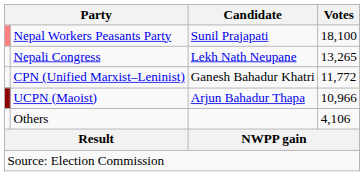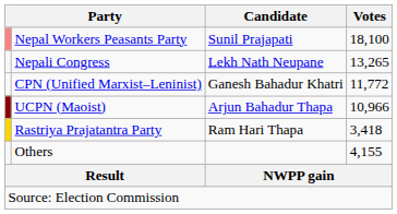 <table class="wikitable">
 <tr>
 <th colspan="2">Party</th>
 <th>Candidate</th>
 <th>Votes</th>
 </tr>
 <tr>
 <td style="background-color:#FF8080"></td>
 <td><a href='#'>Nepal Workers Peasants Party</a></td>
 <td><a href='#'>Sunil Prajapati</a></td>
 <td>18,100</td>
 </tr>
 <tr>
 <td style="background-color:"></td>
 <td><a href='#'>Nepali Congress</a></td>
 <td><a href='#'>Lekh Nath Neupane</a></td>
 <td>13,265</td>
 </tr>
 <tr>
 <td style="background-color:"></td>
 <td><a href='#'>CPN (Unified Marxist–Leninist)</a></td>
 <td>Ganesh Bahadur Khatri</td>
 <td>11,772</td>
 </tr>
 <tr>
 <td style="background-color:darkred"></td>
 <td><a href='#'>UCPN (Maoist)</a></td>
 <td><a href='#'>Arjun Bahadur Thapa</a></td>
 <td>10,966</td>
 </tr>
 <tr>
+<td style="background-color:gold"></td>
+<td><a href='#'>Rastriya Prajatantra Party</a></td>
+<td>Ram Hari Thapa</td>
+<td>3,418</td>
+</tr>
+<tr>
 <td></td>
 <td>Others</td>
 <td></td>
-<td>4,106</td>
+<td>4,155</td>
 </tr>
 <tr>
 <th colspan="2">Result</th>
 <th colspan="2">NWPP gain</th>
 </tr>
 <tr>
 <td colspan="4">Source: Election Commission</td>
 </tr>
 </table>
